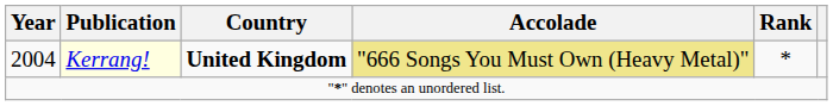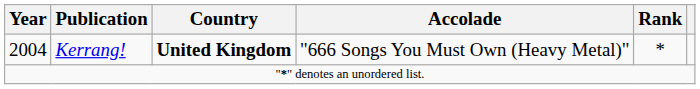 <table class="wikitable sortable" style="margin:0em 1em 1em 0pt">
 <tr>
 <th>Year</th>
 <th>Publication</th>
 <th>Country</th>
 <th>Accolade</th>
 <th>Rank</th>
 <th class=unsortable></th>
 </tr>
 <tr>
 <td align=center>2004</td>
-<td style="background: lightyellow;"><em><a href='#'>Kerrang!</a></em></td>
+<td><em><a href='#'>Kerrang!</a></em></td>
 <td><strong>United Kingdom</strong></td>
-<td style="background: khaki;">"666 Songs You Must Own (Heavy Metal)"</td>
+<td>"666 Songs You Must Own (Heavy Metal)"</td>
 <td align=center>*</td>
 <td></td>
 </tr>
 <tr class="sortbottom">
 <td colspan=6 style=font-size:8pt; align=center>"<strong>*</strong>" denotes an unordered list.</td>
 </tr>
 </table>
